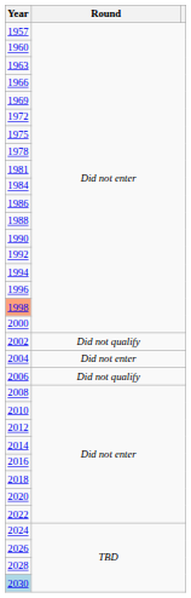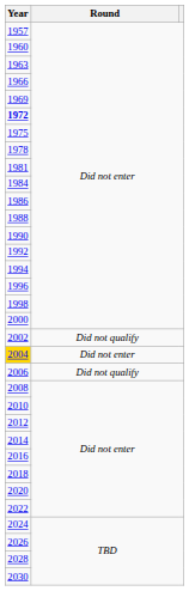 <table class="wikitable" style="text-align: center; font-size:90%">
 <tr>
 <th>Year</th>
 <th style="width:200px">Round</th>
 <th></th>
 </tr>
 <tr>
 <td><a href='#'>1957</a></td>
 <td colspan="2" rowspan="18"><em>Did not enter</em></td>
 </tr>
 <tr>
 <td><a href='#'>1960</a></td>
 </tr>
 <tr>
 <td><a href='#'>1963</a></td>
 </tr>
 <tr>
 <td><a href='#'>1966</a></td>
 </tr>
 <tr>
 <td><a href='#'>1969</a></td>
 </tr>
 <tr>
-<td><a href='#'>1972</a></td>
+<td><strong><a href='#'>1972</a></strong></td>
 </tr>
 <tr>
 <td><a href='#'>1975</a></td>
 </tr>
 <tr>
 <td><a href='#'>1978</a></td>
 </tr>
 <tr>
 <td><a href='#'>1981</a></td>
 </tr>
 <tr>
 <td><a href='#'>1984</a></td>
 </tr>
 <tr>
 <td><a href='#'>1986</a></td>
 </tr>
 <tr>
 <td><a href='#'>1988</a></td>
 </tr>
 <tr>
 <td><a href='#'>1990</a></td>
 </tr>
 <tr>
 <td><a href='#'>1992</a></td>
 </tr>
 <tr>
 <td><a href='#'>1994</a></td>
 </tr>
 <tr>
 <td><a href='#'>1996</a></td>
 </tr>
 <tr>
-<td style="background: lightsalmon;"><a href='#'>1998</a></td>
+<td><a href='#'>1998</a></td>
 </tr>
 <tr>
 <td><a href='#'>2000</a></td>
 </tr>
 <tr>
 <td><a href='#'>2002</a></td>
 <td colspan="2"><em>Did not qualify</em></td>
 </tr>
 <tr>
-<td><a href='#'>2004</a></td>
+<td style="background: gold;"><a href='#'>2004</a></td>
 <td colspan="2"><em>Did not enter</em></td>
 </tr>
 <tr>
 <td><a href='#'>2006</a></td>
 <td colspan="2"><em>Did not qualify</em></td>
 </tr>
 <tr>
 <td><a href='#'>2008</a></td>
 <td colspan="2" rowspan="8"><em>Did not enter</em></td>
 </tr>
 <tr>
 <td><a href='#'>2010</a></td>
 </tr>
 <tr>
 <td><a href='#'>2012</a></td>
 </tr>
 <tr>
 <td><a href='#'>2014</a></td>
 </tr>
 <tr>
 <td><a href='#'>2016</a></td>
 </tr>
 <tr>
 <td><a href='#'>2018</a></td>
 </tr>
 <tr>
 <td><a href='#'>2020</a></td>
 </tr>
 <tr>
 <td><a href='#'>2022</a></td>
 </tr>
 <tr>
 <td><a href='#'>2024</a></td>
 <td colspan="2" rowspan="4"><em>TBD</em></td>
 </tr>
 <tr>
 <td><a href='#'>2026</a></td>
 </tr>
 <tr>
 <td><a href='#'>2028</a></td>
 </tr>
 <tr>
-<td style="background: lightblue;"><a href='#'>2030</a></td>
+<td><a href='#'>2030</a></td>
 </tr>
 </table>
